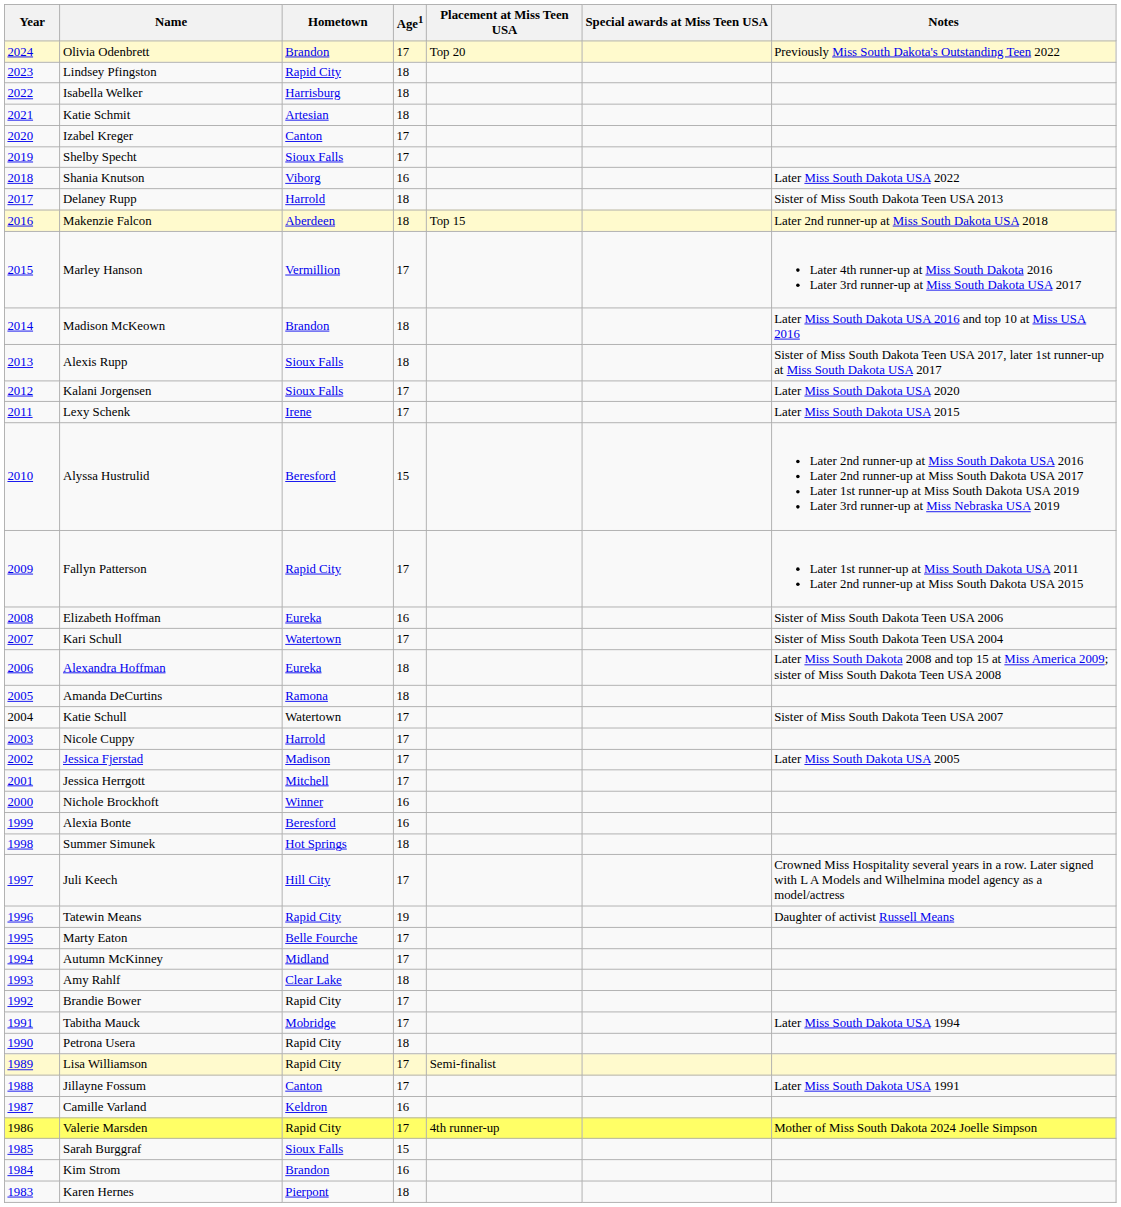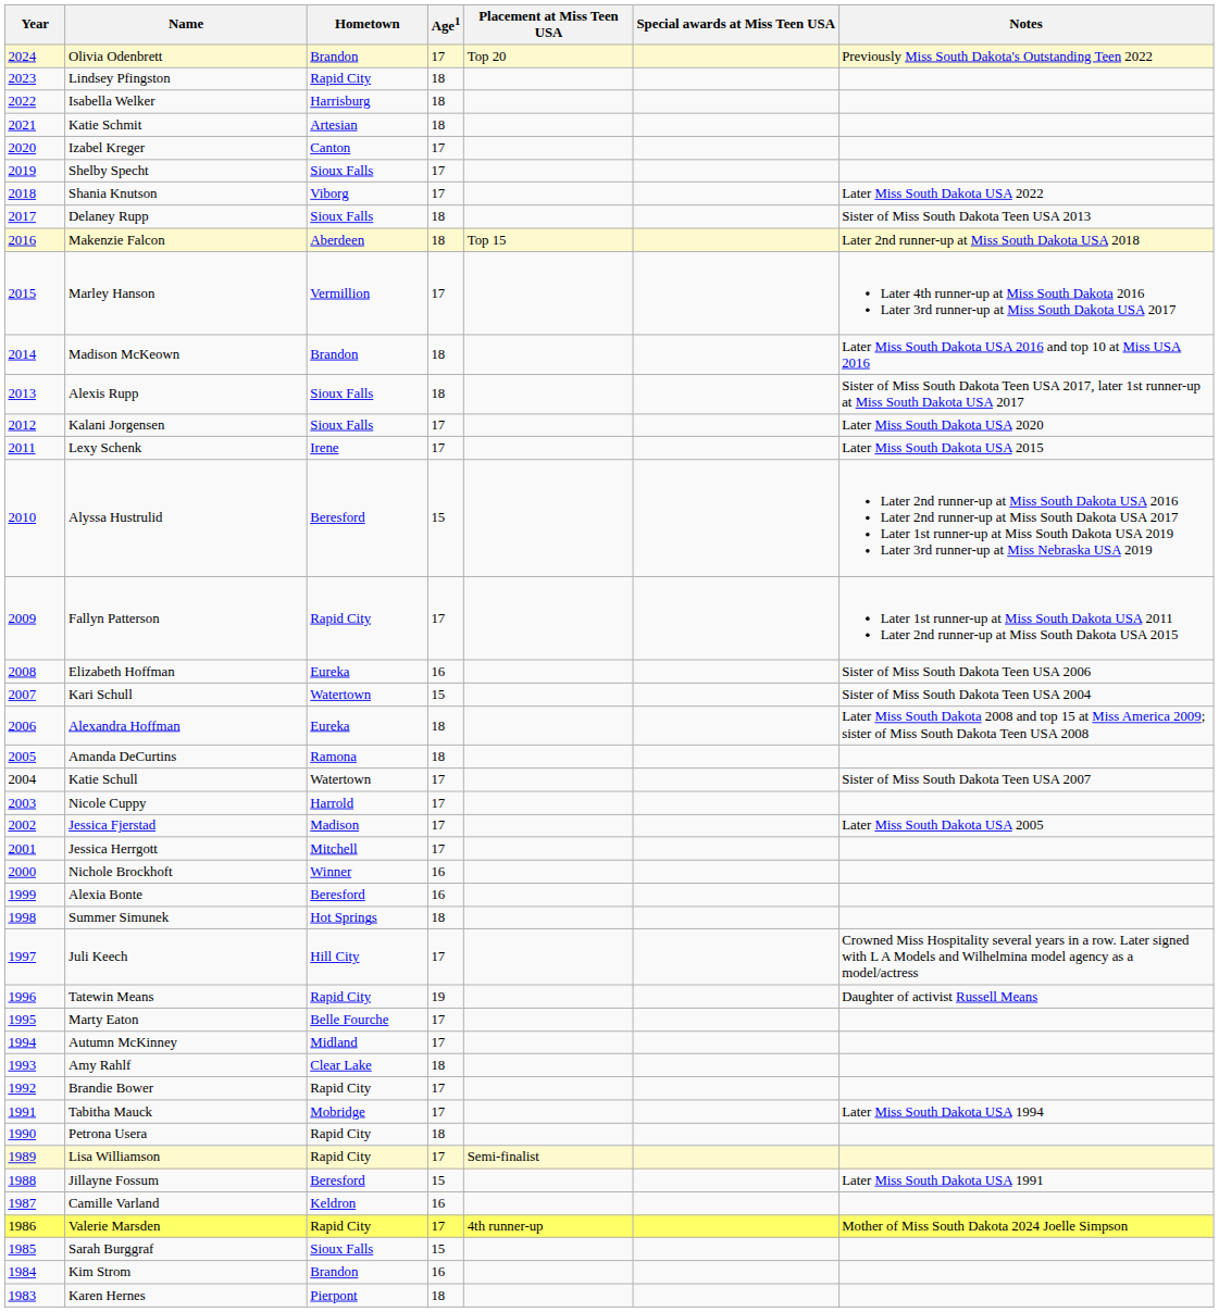 <table class="wikitable"style="font-size:90%;">
 <tr bgcolor="#efefef">
 <th width=5%>Year</th>
 <th width=20%>Name</th>
 <th width=10%>Hometown</th>
 <th width=3%>Age<sup>1</sup></th>
 <th width=14%>Placement at Miss Teen USA</th>
 <th width=17%>Special awards at Miss Teen  USA</th>
 <th width=31%>Notes</th>
 </tr>
 <tr style="background-color:#FFFACD;”">
 <td><a href='#'>2024</a></td>
 <td>Olivia Odenbrett</td>
 <td><a href='#'>Brandon</a></td>
 <td>17</td>
 <td>Top 20</td>
 <td></td>
 <td>Previously <a href='#'>Miss South Dakota's Outstanding Teen</a> 2022</td>
 </tr>
 <tr>
 <td><a href='#'>2023</a></td>
 <td>Lindsey Pfingston</td>
 <td><a href='#'>Rapid City</a></td>
 <td>18</td>
 <td></td>
 <td></td>
 <td></td>
 </tr>
 <tr>
 <td><a href='#'>2022</a></td>
 <td>Isabella Welker</td>
 <td><a href='#'>Harrisburg</a></td>
 <td>18</td>
 <td></td>
 <td></td>
 <td></td>
 </tr>
 <tr>
 <td><a href='#'>2021</a></td>
 <td>Katie Schmit</td>
 <td><a href='#'>Artesian</a></td>
 <td>18</td>
 <td></td>
 <td></td>
 <td></td>
 </tr>
 <tr>
 <td><a href='#'>2020</a></td>
 <td>Izabel Kreger</td>
 <td><a href='#'>Canton</a></td>
 <td>17</td>
 <td></td>
 <td></td>
 <td></td>
 </tr>
 <tr>
 <td><a href='#'>2019</a></td>
 <td>Shelby Specht</td>
 <td><a href='#'>Sioux Falls</a></td>
 <td>17</td>
 <td></td>
 <td></td>
 <td></td>
 </tr>
 <tr>
 <td><a href='#'>2018</a></td>
 <td>Shania Knutson</td>
 <td><a href='#'>Viborg</a></td>
-<td>16</td>
+<td>17</td>
 <td></td>
 <td></td>
 <td>Later <a href='#'>Miss South Dakota USA</a> 2022</td>
 </tr>
 <tr>
 <td><a href='#'>2017</a></td>
 <td>Delaney Rupp</td>
-<td><a href='#'>Harrold</a></td>
+<td><a href='#'>Sioux Falls</a></td>
 <td>18</td>
 <td></td>
 <td></td>
 <td>Sister of Miss South Dakota Teen USA 2013</td>
 </tr>
 <tr style="background-color:#FFFACD;”">
 <td><a href='#'>2016</a></td>
 <td>Makenzie Falcon</td>
 <td><a href='#'>Aberdeen</a></td>
 <td>18</td>
 <td>Top 15</td>
 <td></td>
 <td>Later 2nd runner-up at <a href='#'>Miss South Dakota USA</a> 2018</td>
 </tr>
 <tr>
 <td><a href='#'>2015</a></td>
 <td>Marley Hanson</td>
 <td><a href='#'>Vermillion</a></td>
 <td>17</td>
 <td></td>
 <td></td>
 <td><br><ul><li>Later 4th runner-up at <a href='#'>Miss South Dakota</a> 2016</li><li>Later 3rd runner-up at <a href='#'>Miss South Dakota USA</a> 2017</li></ul></td>
 </tr>
 <tr>
 <td><a href='#'>2014</a></td>
 <td>Madison McKeown</td>
 <td><a href='#'>Brandon</a></td>
 <td>18</td>
 <td></td>
 <td></td>
 <td>Later <a href='#'>Miss South Dakota USA 2016</a> and top 10 at <a href='#'>Miss USA 2016</a></td>
 </tr>
 <tr>
 <td><a href='#'>2013</a></td>
 <td>Alexis Rupp</td>
 <td><a href='#'>Sioux Falls</a></td>
 <td>18</td>
 <td></td>
 <td></td>
 <td>Sister of Miss South Dakota Teen USA 2017, later 1st runner-up at <a href='#'>Miss South Dakota USA</a> 2017</td>
 </tr>
 <tr>
 <td><a href='#'>2012</a></td>
 <td>Kalani Jorgensen</td>
 <td><a href='#'>Sioux Falls</a></td>
 <td>17</td>
 <td></td>
 <td></td>
 <td>Later <a href='#'>Miss South Dakota USA</a> 2020</td>
 </tr>
 <tr>
 <td><a href='#'>2011</a></td>
 <td>Lexy Schenk</td>
 <td><a href='#'>Irene</a></td>
 <td>17</td>
 <td></td>
 <td></td>
 <td>Later <a href='#'>Miss South Dakota USA</a> 2015</td>
 </tr>
 <tr>
 <td><a href='#'>2010</a></td>
 <td>Alyssa Hustrulid</td>
 <td><a href='#'>Beresford</a></td>
 <td>15</td>
 <td></td>
 <td></td>
 <td><br><ul><li>Later 2nd runner-up at <a href='#'>Miss South Dakota USA</a> 2016</li><li>Later 2nd runner-up at Miss South Dakota USA 2017</li><li>Later 1st runner-up at Miss South Dakota USA 2019</li><li>Later 3rd runner-up at <a href='#'>Miss Nebraska USA</a> 2019</li></ul></td>
 </tr>
 <tr>
 <td><a href='#'>2009</a></td>
 <td>Fallyn Patterson</td>
 <td><a href='#'>Rapid City</a></td>
 <td>17</td>
 <td></td>
 <td></td>
 <td><br><ul><li>Later 1st runner-up at <a href='#'>Miss South Dakota USA</a> 2011</li><li>Later 2nd runner-up at Miss South Dakota USA 2015</li></ul></td>
 </tr>
 <tr>
 <td><a href='#'>2008</a></td>
 <td>Elizabeth Hoffman</td>
 <td><a href='#'>Eureka</a></td>
 <td>16</td>
 <td></td>
 <td></td>
 <td>Sister of Miss South Dakota Teen USA 2006</td>
 </tr>
 <tr>
 <td><a href='#'>2007</a></td>
 <td>Kari Schull</td>
 <td><a href='#'>Watertown</a></td>
-<td>17</td>
+<td>15</td>
 <td></td>
 <td></td>
 <td>Sister of Miss South Dakota Teen USA 2004</td>
 </tr>
 <tr>
 <td><a href='#'>2006</a></td>
 <td><a href='#'>Alexandra Hoffman</a></td>
 <td><a href='#'>Eureka</a></td>
 <td>18</td>
 <td></td>
 <td></td>
 <td>Later <a href='#'>Miss South Dakota</a> 2008 and top 15 at <a href='#'>Miss America 2009</a>; sister of Miss South Dakota Teen USA 2008</td>
 </tr>
 <tr>
 <td><a href='#'>2005</a></td>
 <td>Amanda DeCurtins</td>
 <td><a href='#'>Ramona</a></td>
 <td>18</td>
 <td></td>
 <td></td>
 <td></td>
 </tr>
 <tr>
 <td>2004</td>
 <td>Katie Schull</td>
 <td>Watertown</td>
 <td>17</td>
 <td></td>
 <td></td>
 <td>Sister of Miss South Dakota Teen USA 2007</td>
 </tr>
 <tr>
 <td><a href='#'>2003</a></td>
 <td>Nicole Cuppy</td>
 <td><a href='#'>Harrold</a></td>
 <td>17</td>
 <td></td>
 <td></td>
 <td></td>
 </tr>
 <tr>
 <td><a href='#'>2002</a></td>
 <td><a href='#'>Jessica Fjerstad</a></td>
 <td><a href='#'>Madison</a></td>
 <td>17</td>
 <td></td>
 <td></td>
 <td>Later <a href='#'>Miss South Dakota USA</a> 2005</td>
 </tr>
 <tr>
 <td><a href='#'>2001</a></td>
 <td>Jessica Herrgott</td>
 <td><a href='#'>Mitchell</a></td>
 <td>17</td>
 <td></td>
 <td></td>
 <td></td>
 </tr>
 <tr>
 <td><a href='#'>2000</a></td>
 <td>Nichole Brockhoft</td>
 <td><a href='#'>Winner</a></td>
 <td>16</td>
 <td></td>
 <td></td>
 <td></td>
 </tr>
 <tr>
 <td><a href='#'>1999</a></td>
 <td>Alexia Bonte</td>
 <td><a href='#'>Beresford</a></td>
 <td>16</td>
 <td></td>
 <td></td>
 <td></td>
 </tr>
 <tr>
 <td><a href='#'>1998</a></td>
 <td>Summer Simunek</td>
 <td><a href='#'>Hot Springs</a></td>
 <td>18</td>
 <td></td>
 <td></td>
 <td></td>
 </tr>
 <tr>
 <td><a href='#'>1997</a></td>
 <td>Juli Keech</td>
 <td><a href='#'>Hill City</a></td>
 <td>17</td>
 <td></td>
 <td></td>
 <td>Crowned Miss Hospitality several years in a row. Later signed with L A Models and Wilhelmina model agency as a model/actress</td>
 </tr>
 <tr>
 <td><a href='#'>1996</a></td>
 <td>Tatewin Means</td>
 <td><a href='#'>Rapid City</a></td>
 <td>19</td>
 <td></td>
 <td></td>
 <td>Daughter of activist <a href='#'>Russell Means</a></td>
 </tr>
 <tr>
 <td><a href='#'>1995</a></td>
 <td>Marty Eaton</td>
 <td><a href='#'>Belle Fourche</a></td>
 <td>17</td>
 <td></td>
 <td></td>
 <td></td>
 </tr>
 <tr>
 <td><a href='#'>1994</a></td>
 <td>Autumn McKinney</td>
 <td><a href='#'>Midland</a></td>
 <td>17</td>
 <td></td>
 <td></td>
 <td></td>
 </tr>
 <tr>
 <td><a href='#'>1993</a></td>
 <td>Amy Rahlf</td>
 <td><a href='#'>Clear Lake</a></td>
 <td>18</td>
 <td></td>
 <td></td>
 <td></td>
 </tr>
 <tr>
 <td><a href='#'>1992</a></td>
 <td>Brandie Bower</td>
 <td>Rapid City</td>
 <td>17</td>
 <td></td>
 <td></td>
 <td></td>
 </tr>
 <tr>
 <td><a href='#'>1991</a></td>
 <td>Tabitha Mauck</td>
 <td><a href='#'>Mobridge</a></td>
 <td>17</td>
 <td></td>
 <td></td>
 <td>Later <a href='#'>Miss South Dakota USA</a> 1994</td>
 </tr>
 <tr>
 <td><a href='#'>1990</a></td>
 <td>Petrona Usera</td>
 <td>Rapid City</td>
 <td>18</td>
 <td></td>
 <td></td>
 <td></td>
 </tr>
 <tr style="background-color:#FFFACD;”">
 <td><a href='#'>1989</a></td>
 <td>Lisa Williamson</td>
 <td>Rapid City</td>
 <td>17</td>
 <td>Semi-finalist</td>
 <td></td>
 <td></td>
 </tr>
 <tr>
 <td><a href='#'>1988</a></td>
 <td>Jillayne Fossum</td>
-<td><a href='#'>Canton</a></td>
-<td>17</td>
+<td><a href='#'>Beresford</a></td>
+<td>15</td>
 <td></td>
 <td></td>
 <td>Later <a href='#'>Miss South Dakota USA</a> 1991</td>
 </tr>
 <tr>
 <td><a href='#'>1987</a></td>
 <td>Camille Varland</td>
 <td><a href='#'>Keldron</a></td>
 <td>16</td>
 <td></td>
 <td></td>
 <td></td>
 </tr>
 <tr style="background-color:#FFFF66;”">
 <td>1986</td>
 <td>Valerie Marsden</td>
 <td>Rapid City</td>
 <td>17</td>
 <td>4th runner-up</td>
 <td></td>
 <td>Mother of Miss South Dakota 2024 Joelle Simpson</td>
 </tr>
 <tr>
 <td><a href='#'>1985</a></td>
 <td>Sarah Burggraf</td>
 <td><a href='#'>Sioux Falls</a></td>
 <td>15</td>
 <td></td>
 <td></td>
 <td></td>
 </tr>
 <tr>
 <td><a href='#'>1984</a></td>
 <td>Kim Strom</td>
 <td><a href='#'>Brandon</a></td>
 <td>16</td>
 <td></td>
 <td></td>
 <td></td>
 </tr>
 <tr>
 <td><a href='#'>1983</a></td>
 <td>Karen Hernes</td>
 <td><a href='#'>Pierpont</a></td>
 <td>18</td>
 <td></td>
 <td></td>
 <td></td>
 </tr>
 </table>
